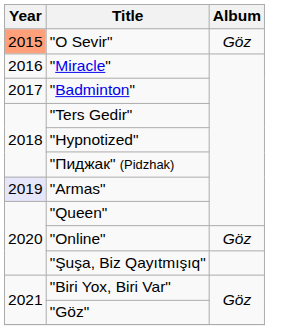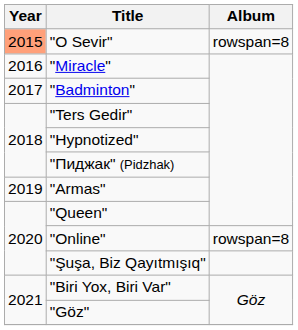 <table class="wikitable">
 <tr>
 <th>Year</th>
 <th>Title</th>
 <th>Album</th>
 </tr>
 <tr>
 <td style="background: lightsalmon;">2015</td>
 <td>"O Sevir"</td>
-<td style="text-align: center;"><em>Göz</em></td>
+<td>rowspan=8 </td>
 </tr>
 <tr>
 <td>2016</td>
 <td>"<a href='#'>Miracle</a>"</td>
 </tr>
 <tr>
 <td>2017</td>
 <td>"<a href='#'>Badminton</a>"</td>
 </tr>
 <tr>
 <td rowspan="3">2018</td>
 <td>"Ters Gedir"</td>
 </tr>
 <tr>
 <td>"Hypnotized"</td>
 </tr>
 <tr>
 <td>"Пиджак" <small>(Pidzhak)</small></td>
 </tr>
 <tr>
-<td style="background: lavender;">2019</td>
+<td>2019</td>
 <td>"Armas"</td>
 </tr>
 <tr>
 <td rowspan="3">2020</td>
 <td>"Queen"</td>
 </tr>
 <tr>
 <td>"Online"</td>
-<td style="text-align: center;"><em>Göz</em></td>
+<td>rowspan=8 </td>
 </tr>
 <tr>
 <td>"Şuşa, Biz Qayıtmışıq"</td>
 <td></td>
 </tr>
 <tr>
 <td rowspan="2">2021</td>
 <td>"Biri Yox, Biri Var"</td>
 <td rowspan="2" style="text-align: center;"><em>Göz</em></td>
 </tr>
 <tr>
 <td>"Göz"</td>
 </tr>
 <tr>
 </tr>
 </table>
